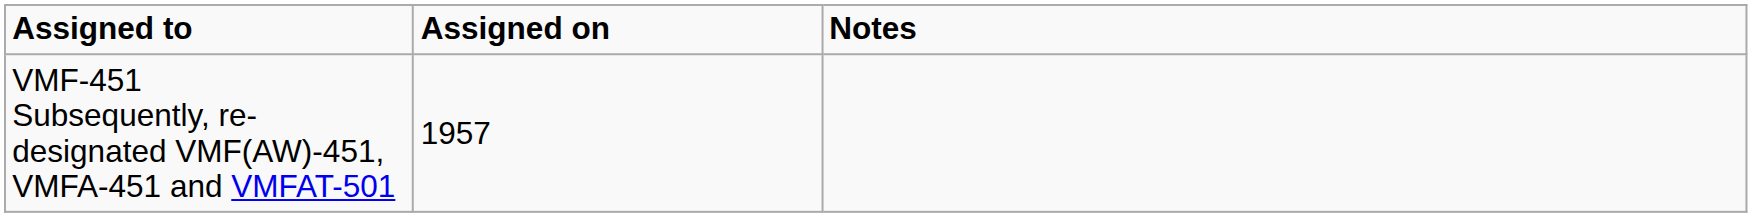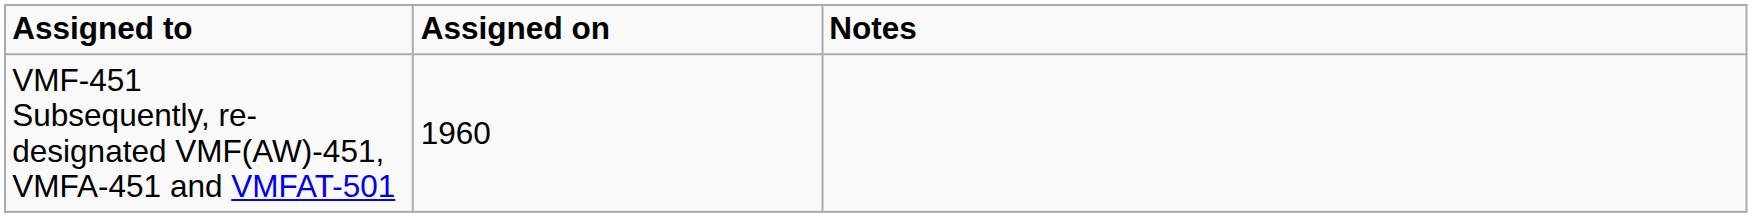 <table class="wikitable" style="width: 70%;">
 <tr>
 <td style="width: 200px;"><strong>Assigned to</strong></td>
 <td style="width: 200px;"><strong>Assigned on</strong></td>
 <td><strong>Notes</strong></td>
 </tr>
 <tr>
 <td>VMF-451<br>Subsequently, re-designated VMF(AW)-451, VMFA-451 and <a href='#'>VMFAT-501</a></td>
-<td>1957</td>
+<td>1960</td>
 <td></td>
 </tr>
 </table>
